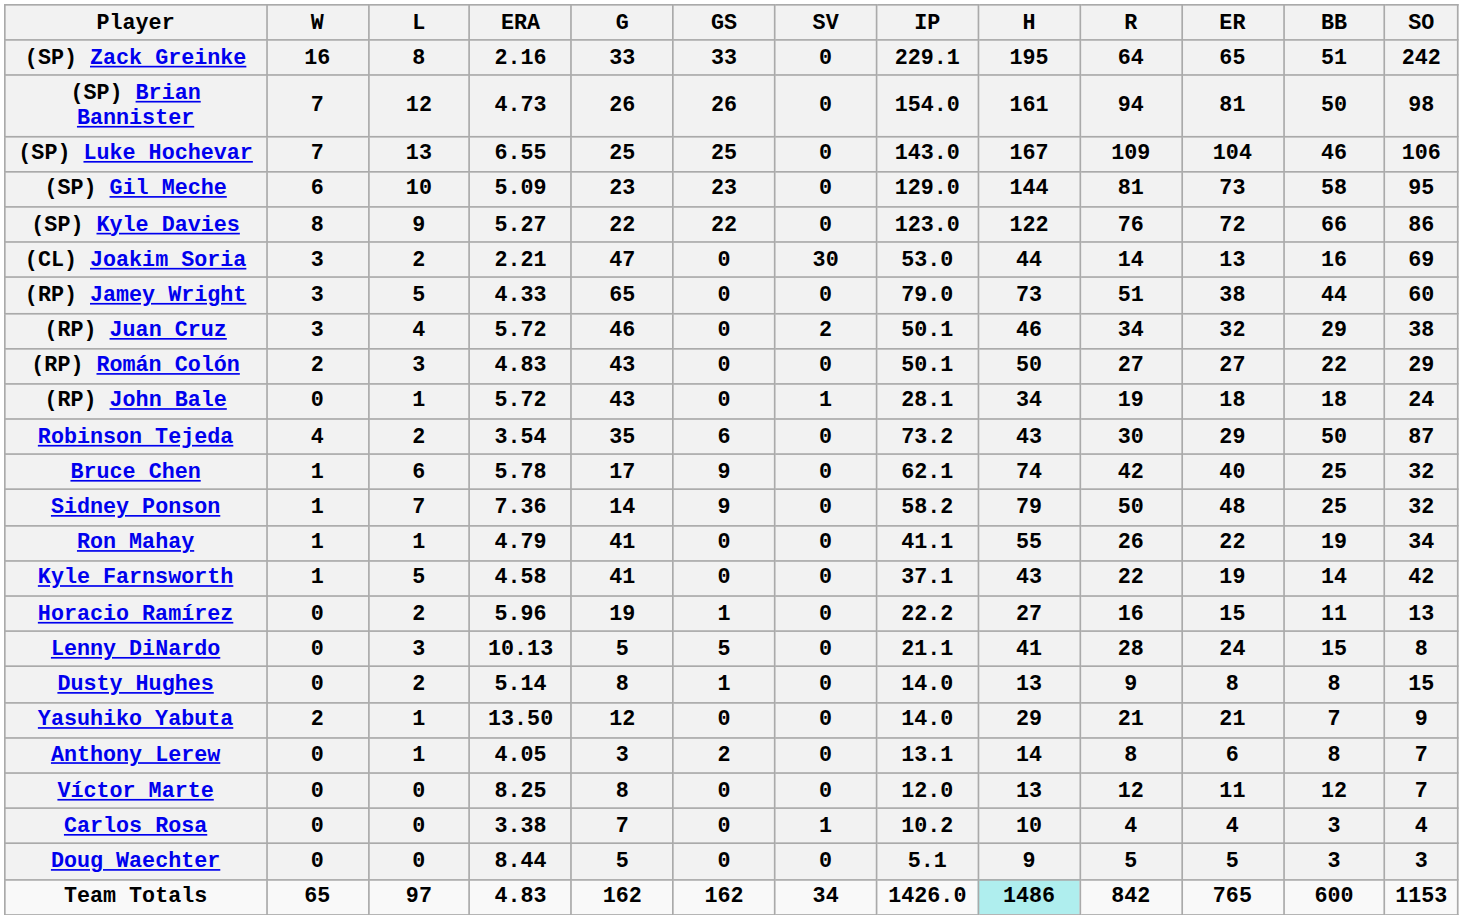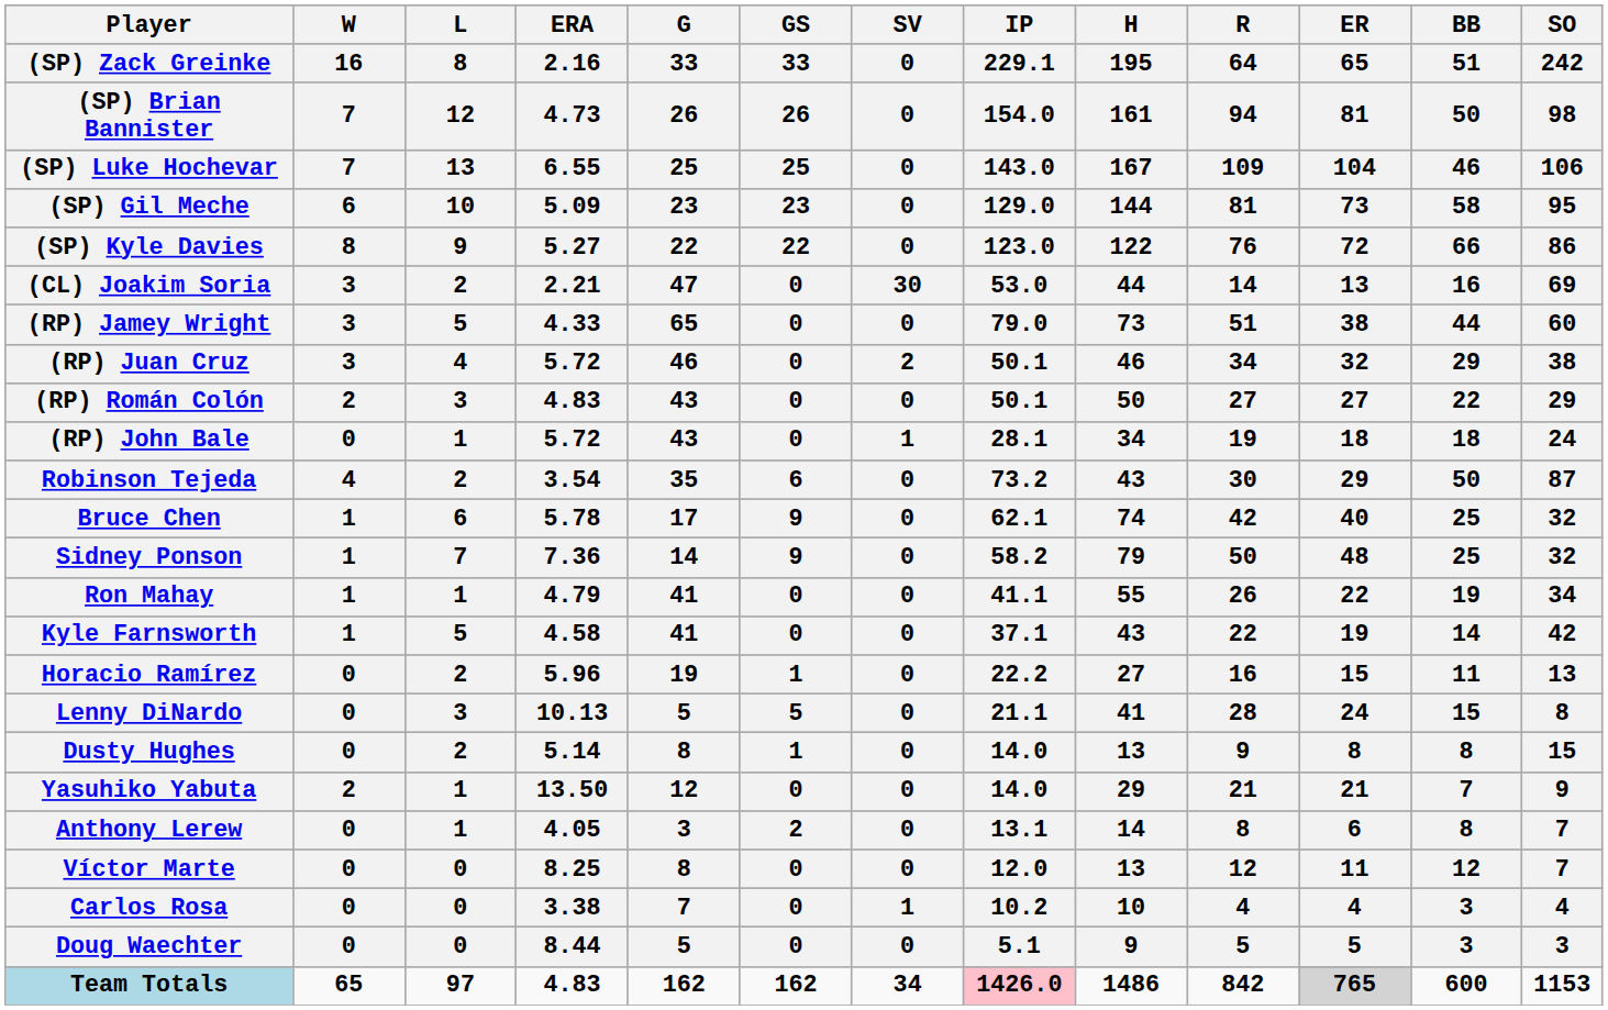 <table class= "wikitable">
 <tr>
 <th bgcolor="#DDDDFF" width="18%">Player</th>
 <th bgcolor="#DDDDFF" width="7%">W</th>
 <th bgcolor="#DDDDFF" width="7%">L</th>
 <th bgcolor="#DDDDFF" width="7%">ERA</th>
 <th bgcolor="#DDDDFF" width="7%">G</th>
 <th bgcolor="#DDDDFF" width="7%">GS</th>
 <th bgcolor="#DDDDFF" width="7%">SV</th>
 <th bgcolor="#DDDDFF" width="7%">IP</th>
 <th bgcolor="#DDDDFF" width="7%">H</th>
 <th bgcolor="#DDDDFF" width="7%">R</th>
 <th bgcolor="#DDDDFF" width="7%">ER</th>
 <th bgcolor="#DDDDFF" width="7%">BB</th>
 <th bgcolor="#DDDDFF" width="7%">SO</th>
 </tr>
 <tr>
 <th>(SP) <a href='#'>Zack Greinke</a></th>
 <th>16</th>
 <th>8</th>
 <th>2.16</th>
 <th>33</th>
 <th>33</th>
 <th>0</th>
 <th>229.1</th>
 <th>195</th>
 <th>64</th>
 <th>65</th>
 <th>51</th>
 <th>242</th>
 </tr>
 <tr>
 <th>(SP) <a href='#'>Brian Bannister</a></th>
 <th>7</th>
 <th>12</th>
 <th>4.73</th>
 <th>26</th>
 <th>26</th>
 <th>0</th>
 <th>154.0</th>
 <th>161</th>
 <th>94</th>
 <th>81</th>
 <th>50</th>
 <th>98</th>
 </tr>
 <tr>
 <th>(SP) <a href='#'>Luke Hochevar</a></th>
 <th>7</th>
 <th>13</th>
 <th>6.55</th>
 <th>25</th>
 <th>25</th>
 <th>0</th>
 <th>143.0</th>
 <th>167</th>
 <th>109</th>
 <th>104</th>
 <th>46</th>
 <th>106</th>
 </tr>
 <tr>
 <th>(SP) <a href='#'>Gil Meche</a></th>
 <th>6</th>
 <th>10</th>
 <th>5.09</th>
 <th>23</th>
 <th>23</th>
 <th>0</th>
 <th>129.0</th>
 <th>144</th>
 <th>81</th>
 <th>73</th>
 <th>58</th>
 <th>95</th>
 </tr>
 <tr>
 <th>(SP) <a href='#'>Kyle Davies</a></th>
 <th>8</th>
 <th>9</th>
 <th>5.27</th>
 <th>22</th>
 <th>22</th>
 <th>0</th>
 <th>123.0</th>
 <th>122</th>
 <th>76</th>
 <th>72</th>
 <th>66</th>
 <th>86</th>
 </tr>
 <tr>
 <th>(CL) <a href='#'>Joakim Soria</a></th>
 <th>3</th>
 <th>2</th>
 <th>2.21</th>
 <th>47</th>
 <th>0</th>
 <th>30</th>
 <th>53.0</th>
 <th>44</th>
 <th>14</th>
 <th>13</th>
 <th>16</th>
 <th>69</th>
 </tr>
 <tr>
 <th>(RP) <a href='#'>Jamey Wright</a></th>
 <th>3</th>
 <th>5</th>
 <th>4.33</th>
 <th>65</th>
 <th>0</th>
 <th>0</th>
 <th>79.0</th>
 <th>73</th>
 <th>51</th>
 <th>38</th>
 <th>44</th>
 <th>60</th>
 </tr>
 <tr>
 <th>(RP) <a href='#'>Juan Cruz</a></th>
 <th>3</th>
 <th>4</th>
 <th>5.72</th>
 <th>46</th>
 <th>0</th>
 <th>2</th>
 <th>50.1</th>
 <th>46</th>
 <th>34</th>
 <th>32</th>
 <th>29</th>
 <th>38</th>
 </tr>
 <tr>
 <th>(RP) <a href='#'>Román Colón</a></th>
 <th>2</th>
 <th>3</th>
 <th>4.83</th>
 <th>43</th>
 <th>0</th>
 <th>0</th>
 <th>50.1</th>
 <th>50</th>
 <th>27</th>
 <th>27</th>
 <th>22</th>
 <th>29</th>
 </tr>
 <tr>
 <th>(RP) <a href='#'>John Bale</a></th>
 <th>0</th>
 <th>1</th>
 <th>5.72</th>
 <th>43</th>
 <th>0</th>
 <th>1</th>
 <th>28.1</th>
 <th>34</th>
 <th>19</th>
 <th>18</th>
 <th>18</th>
 <th>24</th>
 </tr>
 <tr>
 <th><a href='#'>Robinson Tejeda</a></th>
 <th>4</th>
 <th>2</th>
 <th>3.54</th>
 <th>35</th>
 <th>6</th>
 <th>0</th>
 <th>73.2</th>
 <th>43</th>
 <th>30</th>
 <th>29</th>
 <th>50</th>
 <th>87</th>
 </tr>
 <tr>
 <th><a href='#'>Bruce Chen</a></th>
 <th>1</th>
 <th>6</th>
 <th>5.78</th>
 <th>17</th>
 <th>9</th>
 <th>0</th>
 <th>62.1</th>
 <th>74</th>
 <th>42</th>
 <th>40</th>
 <th>25</th>
 <th>32</th>
 </tr>
 <tr>
 <th><a href='#'>Sidney Ponson</a></th>
 <th>1</th>
 <th>7</th>
 <th>7.36</th>
 <th>14</th>
 <th>9</th>
 <th>0</th>
 <th>58.2</th>
 <th>79</th>
 <th>50</th>
 <th>48</th>
 <th>25</th>
 <th>32</th>
 </tr>
 <tr>
 <th><a href='#'>Ron Mahay</a></th>
 <th>1</th>
 <th>1</th>
 <th>4.79</th>
 <th>41</th>
 <th>0</th>
 <th>0</th>
 <th>41.1</th>
 <th>55</th>
 <th>26</th>
 <th>22</th>
 <th>19</th>
 <th>34</th>
 </tr>
 <tr>
 <th><a href='#'>Kyle Farnsworth</a></th>
 <th>1</th>
 <th>5</th>
 <th>4.58</th>
 <th>41</th>
 <th>0</th>
 <th>0</th>
 <th>37.1</th>
 <th>43</th>
 <th>22</th>
 <th>19</th>
 <th>14</th>
 <th>42</th>
 </tr>
 <tr>
 <th><a href='#'>Horacio Ramírez</a></th>
 <th>0</th>
 <th>2</th>
 <th>5.96</th>
 <th>19</th>
 <th>1</th>
 <th>0</th>
 <th>22.2</th>
 <th>27</th>
 <th>16</th>
 <th>15</th>
 <th>11</th>
 <th>13</th>
 </tr>
 <tr>
 <th><a href='#'>Lenny DiNardo</a></th>
 <th>0</th>
 <th>3</th>
 <th>10.13</th>
 <th>5</th>
 <th>5</th>
 <th>0</th>
 <th>21.1</th>
 <th>41</th>
 <th>28</th>
 <th>24</th>
 <th>15</th>
 <th>8</th>
 </tr>
 <tr>
 <th><a href='#'>Dusty Hughes</a></th>
 <th>0</th>
 <th>2</th>
 <th>5.14</th>
 <th>8</th>
 <th>1</th>
 <th>0</th>
 <th>14.0</th>
 <th>13</th>
 <th>9</th>
 <th>8</th>
 <th>8</th>
 <th>15</th>
 </tr>
 <tr>
 <th><a href='#'>Yasuhiko Yabuta</a></th>
 <th>2</th>
 <th>1</th>
 <th>13.50</th>
 <th>12</th>
 <th>0</th>
 <th>0</th>
 <th>14.0</th>
 <th>29</th>
 <th>21</th>
 <th>21</th>
 <th>7</th>
 <th>9</th>
 </tr>
 <tr>
 <th><a href='#'>Anthony Lerew</a></th>
 <th>0</th>
 <th>1</th>
 <th>4.05</th>
 <th>3</th>
 <th>2</th>
 <th>0</th>
 <th>13.1</th>
 <th>14</th>
 <th>8</th>
 <th>6</th>
 <th>8</th>
 <th>7</th>
 </tr>
 <tr>
 <th><a href='#'>Víctor Marte</a></th>
 <th>0</th>
 <th>0</th>
 <th>8.25</th>
 <th>8</th>
 <th>0</th>
 <th>0</th>
 <th>12.0</th>
 <th>13</th>
 <th>12</th>
 <th>11</th>
 <th>12</th>
 <th>7</th>
 </tr>
 <tr>
 <th><a href='#'>Carlos Rosa</a></th>
 <th>0</th>
 <th>0</th>
 <th>3.38</th>
 <th>7</th>
 <th>0</th>
 <th>1</th>
 <th>10.2</th>
 <th>10</th>
 <th>4</th>
 <th>4</th>
 <th>3</th>
 <th>4</th>
 </tr>
 <tr>
 <th><a href='#'>Doug Waechter</a></th>
 <th>0</th>
 <th>0</th>
 <th>8.44</th>
 <th>5</th>
 <th>0</th>
 <th>0</th>
 <th>5.1</th>
 <th>9</th>
 <th>5</th>
 <th>5</th>
 <th>3</th>
 <th>3</th>
 </tr>
 <tr align=center>
-<td><strong>Team Totals</strong></td>
+<td style="background: lightblue;"><strong>Team Totals</strong></td>
 <td><strong>65</strong></td>
 <td><strong>97</strong></td>
 <td><strong>4.83</strong></td>
 <td><strong>162</strong></td>
 <td><strong>162</strong></td>
 <td><strong>34</strong></td>
-<td><strong>1426.0</strong></td>
-<td style="background: paleturquoise;"><strong>1486</strong></td>
+<td style="background: pink;"><strong>1426.0</strong></td>
+<td><strong>1486</strong></td>
 <td><strong>842</strong></td>
-<td><strong>765</strong></td>
+<td style="background: lightgrey;"><strong>765</strong></td>
 <td><strong>600</strong></td>
 <td><strong>1153</strong></td>
 </tr>
 </table>
